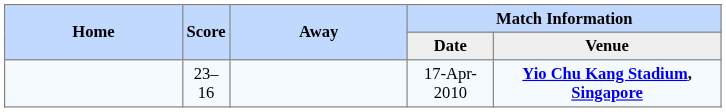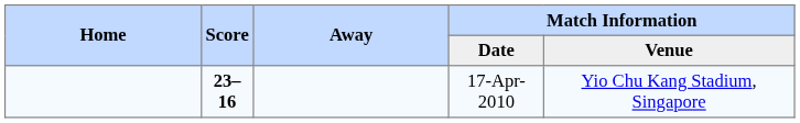 <table border=1 style="border-collapse:collapse; font-size:90%; text-align:center;" cellpadding=3 cellspacing=0 width=100%>
 <tr bgcolor=#C1D8FF>
 <th rowspan=2 width=25%>Home</th>
 <th rowspan=2 width=6%>Score</th>
 <th rowspan=2 width=25%>Away</th>
 <th colspan=6>Match Information</th>
 </tr>
 <tr bgcolor=#EFEFEF>
 <th width=12%>Date</th>
 <th width=32%>Venue</th>
 </tr>
 <tr bgcolor=#F5FAFF>
 <td align=right><strong></strong></td>
-<td>23–16</td>
+<td><strong>23–16</strong></td>
 <td align=left></td>
 <td>17-Apr-2010</td>
-<td><strong><a href='#'>Yio Chu Kang Stadium</a>, <a href='#'>Singapore</a></strong></td>
+<td><a href='#'>Yio Chu Kang Stadium</a>, <a href='#'>Singapore</a></td>
 </tr>
 </table>
